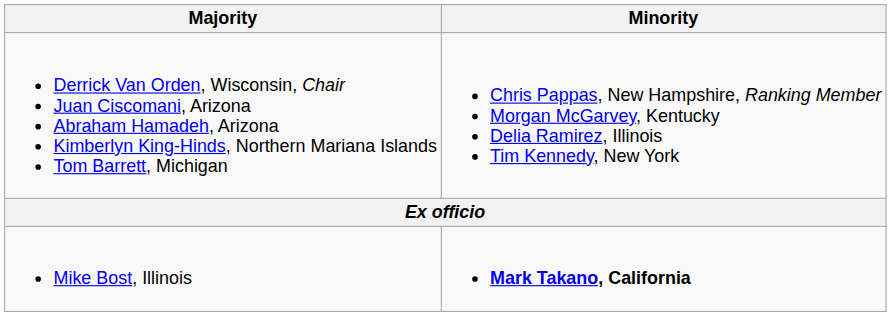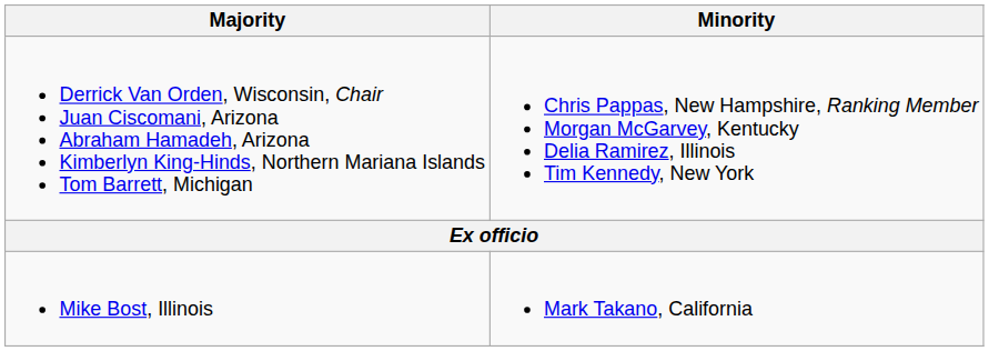 <table class=wikitable>
 <tr>
 <th>Majority</th>
 <th>Minority</th>
 </tr>
 <tr>
 <td><br><ul><li><a href='#'>Derrick Van Orden</a>, Wisconsin, <em>Chair</em></li><li><a href='#'>Juan Ciscomani</a>, Arizona</li><li><a href='#'>Abraham Hamadeh</a>, Arizona</li><li><a href='#'>Kimberlyn King-Hinds</a>, Northern Mariana Islands</li><li><a href='#'>Tom Barrett</a>, Michigan</li></ul></td>
 <td><br><ul><li><a href='#'>Chris Pappas</a>, New Hampshire, <em>Ranking Member</em></li><li><a href='#'>Morgan McGarvey</a>, Kentucky</li><li><a href='#'>Delia Ramirez</a>, Illinois</li><li><a href='#'>Tim Kennedy</a>, New York</li></ul></td>
 </tr>
 <tr>
 <th colspan=2><em>Ex officio</em></th>
 </tr>
 <tr>
 <td><br><ul><li><a href='#'>Mike Bost</a>, Illinois</li></ul></td>
-<td><strong><br><ul><li><a href='#'>Mark Takano</a>, California</li></ul></strong></td>
+<td><br><ul><li><a href='#'>Mark Takano</a>, California</li></ul></td>
 </tr>
 </table>
